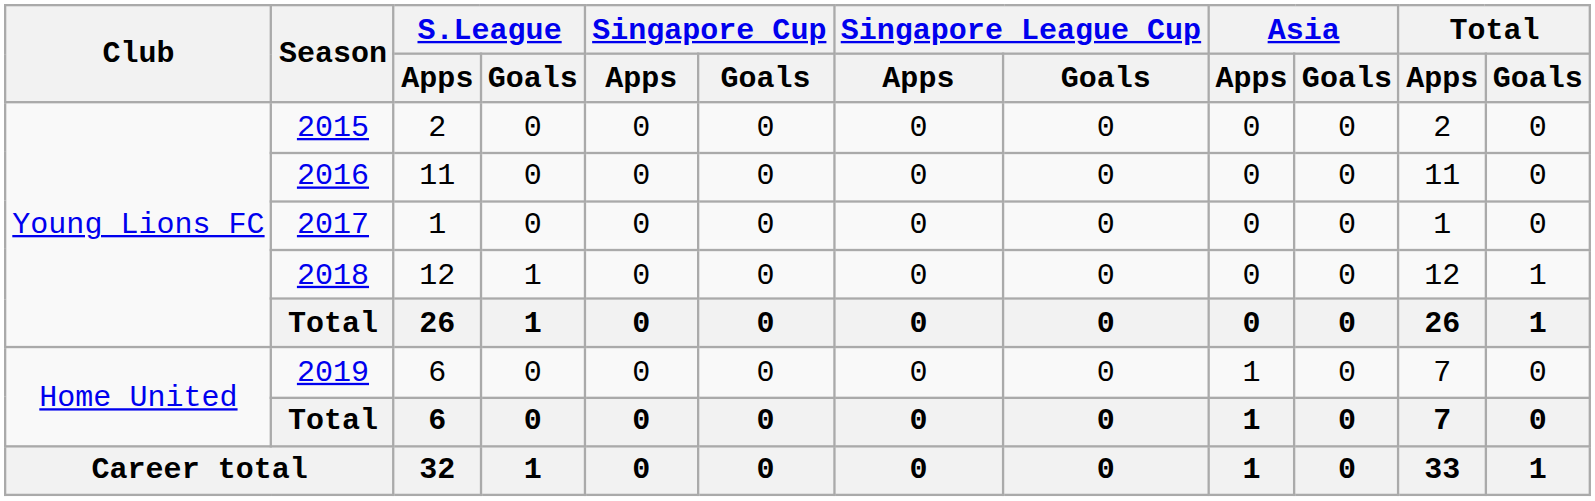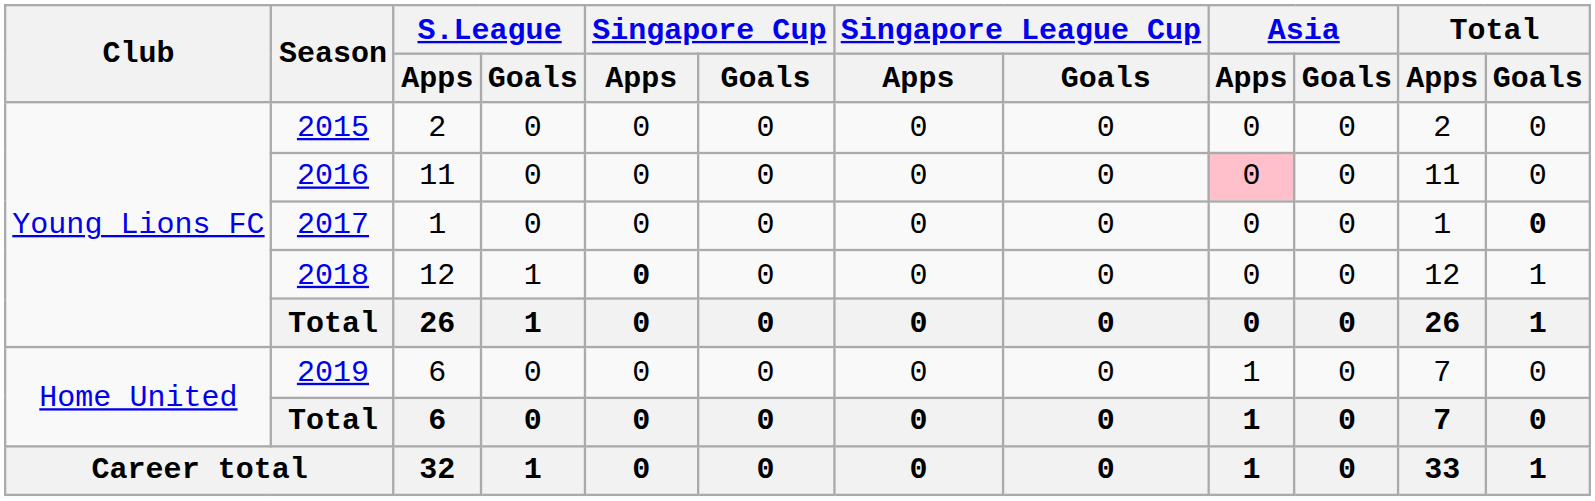 <table style="text-align:center" class="wikitable">
 <tr>
 <th rowspan="2">Club</th>
 <th rowspan="2">Season</th>
 <th colspan="2"><a href='#'>S.League</a></th>
 <th colspan="2"><a href='#'>Singapore Cup</a></th>
 <th colspan="2"><a href='#'>Singapore League Cup</a></th>
 <th colspan="2"><a href='#'>Asia</a></th>
 <th colspan="2">Total</th>
 </tr>
 <tr>
 <th>Apps</th>
 <th>Goals</th>
 <th>Apps</th>
 <th>Goals</th>
 <th>Apps</th>
 <th>Goals</th>
 <th>Apps</th>
 <th>Goals</th>
 <th>Apps</th>
 <th>Goals</th>
 </tr>
 <tr>
 <td rowspan="5"><a href='#'>Young Lions FC</a></td>
 <td><a href='#'>2015</a></td>
 <td>2</td>
 <td>0</td>
 <td>0</td>
 <td>0</td>
 <td>0</td>
 <td>0</td>
 <td>0</td>
 <td>0</td>
 <td>2</td>
 <td>0</td>
 </tr>
 <tr>
 <td><a href='#'>2016</a></td>
 <td>11</td>
 <td>0</td>
 <td>0</td>
 <td>0</td>
 <td>0</td>
 <td>0</td>
-<td>0</td>
+<td style="background: pink;">0</td>
 <td>0</td>
 <td>11</td>
 <td>0</td>
 </tr>
 <tr>
 <td><a href='#'>2017</a></td>
 <td>1</td>
 <td>0</td>
 <td>0</td>
 <td>0</td>
 <td>0</td>
 <td>0</td>
 <td>0</td>
 <td>0</td>
 <td>1</td>
-<td>0</td>
+<td><strong>0</strong></td>
 </tr>
 <tr>
 <td><a href='#'>2018</a></td>
 <td>12</td>
 <td>1</td>
-<td>0</td>
+<td><strong>0</strong></td>
 <td>0</td>
 <td>0</td>
 <td>0</td>
 <td>0</td>
 <td>0</td>
 <td>12</td>
 <td>1</td>
 </tr>
 <tr>
 <th>Total</th>
 <th>26</th>
 <th>1</th>
 <th>0</th>
 <th>0</th>
 <th>0</th>
 <th>0</th>
 <th>0</th>
 <th>0</th>
 <th>26</th>
 <th>1</th>
 </tr>
 <tr>
 <td rowspan="2"><a href='#'>Home United</a></td>
 <td><a href='#'>2019</a></td>
 <td>6</td>
 <td>0</td>
 <td>0</td>
 <td>0</td>
 <td>0</td>
 <td>0</td>
 <td>1</td>
 <td>0</td>
 <td>7</td>
 <td>0</td>
 </tr>
 <tr>
 <th>Total</th>
 <th>6</th>
 <th>0</th>
 <th>0</th>
 <th>0</th>
 <th>0</th>
 <th>0</th>
 <th>1</th>
 <th>0</th>
 <th>7</th>
 <th>0</th>
 </tr>
 <tr>
 <th colspan=2>Career total</th>
 <th>32</th>
 <th>1</th>
 <th>0</th>
 <th>0</th>
 <th>0</th>
 <th>0</th>
 <th>1</th>
 <th>0</th>
 <th>33</th>
 <th>1</th>
 </tr>
 </table>
